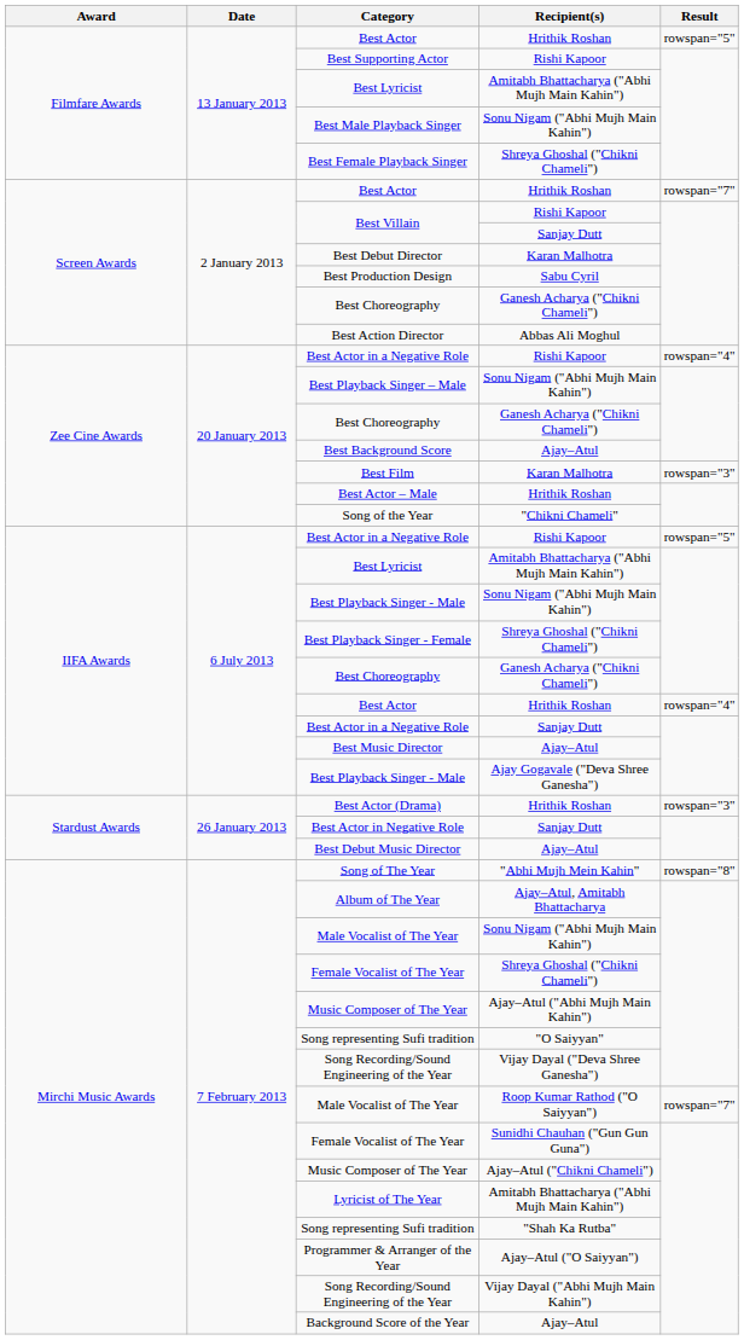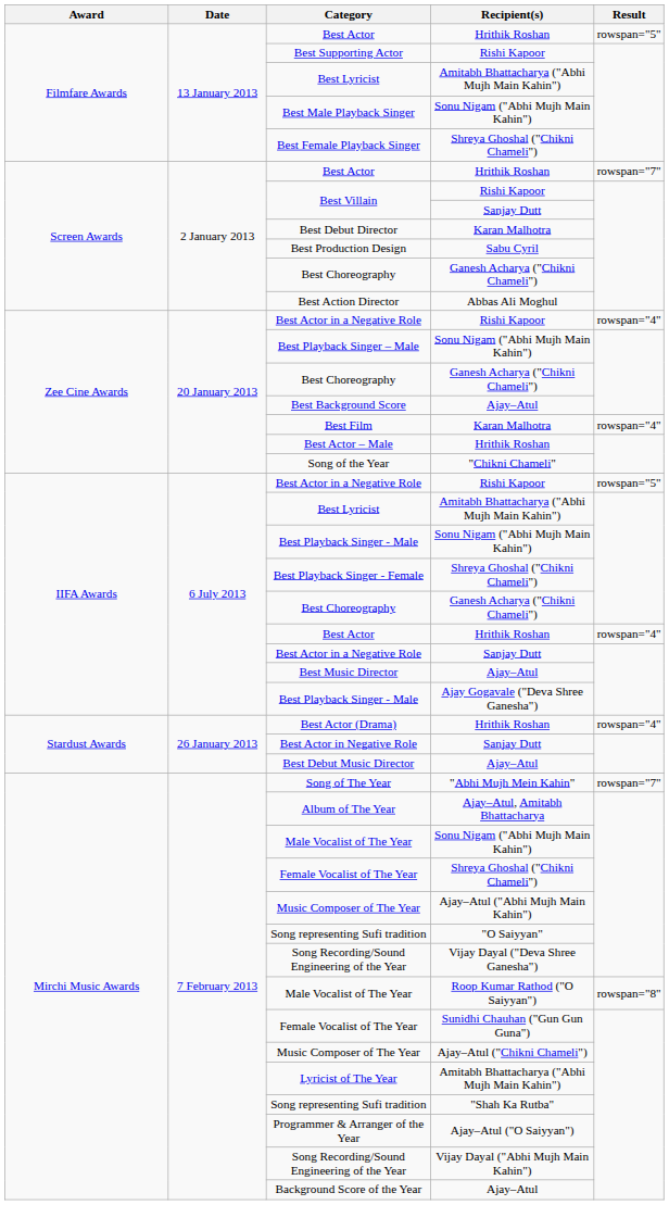 <table class="wikitable" style="text-align:center;" >
 <tr>
 <th width="25%" scope="col">Award</th>
 <th width="15%" scope="col">Date</th>
 <th width="25%" scope="col">Category</th>
 <th width="25%" scope="col">Recipient(s)</th>
 <th width="10%" scope="col">Result</th>
 </tr>
 <tr>
 <td rowspan="5"><a href='#'>Filmfare Awards</a></td>
 <td rowspan="5"><a href='#'>13 January 2013</a></td>
 <td><a href='#'>Best Actor</a></td>
 <td><a href='#'>Hrithik Roshan</a></td>
 <td>rowspan="5" </td>
 </tr>
 <tr>
 <td><a href='#'>Best Supporting Actor</a></td>
 <td><a href='#'>Rishi Kapoor</a></td>
 </tr>
 <tr>
 <td><a href='#'>Best Lyricist</a></td>
 <td><a href='#'>Amitabh Bhattacharya</a> ("Abhi Mujh Main Kahin")</td>
 </tr>
 <tr>
 <td><a href='#'>Best Male Playback Singer</a></td>
 <td><a href='#'>Sonu Nigam</a> ("Abhi Mujh Main Kahin")</td>
 </tr>
 <tr>
 <td><a href='#'>Best Female Playback Singer</a></td>
 <td><a href='#'>Shreya Ghoshal</a> ("<a href='#'>Chikni Chameli</a>")</td>
 </tr>
 <tr>
 <td rowspan="7"><a href='#'>Screen Awards</a></td>
 <td rowspan="7" style="text-align:center;">2 January 2013</td>
 <td><a href='#'>Best Actor</a></td>
 <td><a href='#'>Hrithik Roshan</a></td>
 <td>rowspan="7" </td>
 </tr>
 <tr>
 <td rowspan="2"><a href='#'>Best Villain</a></td>
 <td><a href='#'>Rishi Kapoor</a></td>
 </tr>
 <tr>
 <td><a href='#'>Sanjay Dutt</a></td>
 </tr>
 <tr>
 <td>Best Debut Director</td>
 <td><a href='#'>Karan Malhotra</a></td>
 </tr>
 <tr>
 <td>Best Production Design</td>
 <td><a href='#'>Sabu Cyril</a></td>
 </tr>
 <tr>
 <td>Best Choreography</td>
 <td><a href='#'>Ganesh Acharya</a> ("<a href='#'>Chikni Chameli</a>")</td>
 </tr>
 <tr>
 <td>Best Action Director</td>
 <td>Abbas Ali Moghul</td>
 </tr>
 <tr>
 <td rowspan="7"><a href='#'>Zee Cine Awards</a></td>
 <td rowspan="7"><a href='#'>20 January 2013</a></td>
 <td><a href='#'>Best Actor in a Negative Role</a></td>
 <td><a href='#'>Rishi Kapoor</a></td>
 <td>rowspan="4" </td>
 </tr>
 <tr>
 <td><a href='#'>Best Playback Singer – Male</a></td>
 <td><a href='#'>Sonu Nigam</a> ("Abhi Mujh Main Kahin")</td>
 </tr>
 <tr>
 <td>Best Choreography</td>
 <td><a href='#'>Ganesh Acharya</a> ("<a href='#'>Chikni Chameli</a>")</td>
 </tr>
 <tr>
 <td><a href='#'>Best Background Score</a></td>
 <td><a href='#'>Ajay–Atul</a></td>
 </tr>
 <tr>
 <td><a href='#'>Best Film</a></td>
 <td><a href='#'>Karan Malhotra</a></td>
-<td>rowspan="3" </td>
+<td>rowspan="4" </td>
 </tr>
 <tr>
 <td><a href='#'>Best Actor – Male</a></td>
 <td><a href='#'>Hrithik Roshan</a></td>
 </tr>
 <tr>
 <td>Song of the Year</td>
 <td>"<a href='#'>Chikni Chameli</a>"<br></td>
 </tr>
 <tr>
 <td rowspan="9"><a href='#'>IIFA Awards</a></td>
 <td rowspan="9"><a href='#'>6 July 2013</a></td>
 <td><a href='#'>Best Actor in a Negative Role</a></td>
 <td><a href='#'>Rishi Kapoor</a></td>
 <td>rowspan="5" </td>
 </tr>
 <tr>
 <td><a href='#'>Best Lyricist</a></td>
 <td><a href='#'>Amitabh Bhattacharya</a> ("Abhi Mujh Main Kahin")</td>
 </tr>
 <tr>
 <td><a href='#'>Best Playback Singer - Male</a></td>
 <td><a href='#'>Sonu Nigam</a> ("Abhi Mujh Main Kahin")</td>
 </tr>
 <tr>
 <td><a href='#'>Best Playback Singer - Female</a></td>
 <td><a href='#'>Shreya Ghoshal</a> ("<a href='#'>Chikni Chameli</a>")</td>
 </tr>
 <tr>
 <td><a href='#'>Best Choreography</a></td>
 <td><a href='#'>Ganesh Acharya</a> ("<a href='#'>Chikni Chameli</a>")<br></td>
 </tr>
 <tr>
 <td><a href='#'>Best Actor</a></td>
 <td><a href='#'>Hrithik Roshan</a></td>
 <td>rowspan="4" </td>
 </tr>
 <tr>
 <td><a href='#'>Best Actor in a Negative Role</a></td>
 <td><a href='#'>Sanjay Dutt</a><br></td>
 </tr>
 <tr>
 <td><a href='#'>Best Music Director</a></td>
 <td><a href='#'>Ajay–Atul</a></td>
 </tr>
 <tr>
 <td><a href='#'>Best Playback Singer - Male</a></td>
 <td><a href='#'>Ajay Gogavale</a> ("Deva Shree Ganesha")</td>
 </tr>
 <tr>
 <td rowspan="3"><a href='#'>Stardust Awards</a></td>
 <td rowspan="3"><a href='#'>26 January 2013</a></td>
 <td><a href='#'>Best Actor (Drama)</a></td>
 <td><a href='#'>Hrithik Roshan</a></td>
-<td>rowspan="3" </td>
+<td>rowspan="4" </td>
 </tr>
 <tr>
 <td><a href='#'>Best Actor in Negative Role</a></td>
 <td><a href='#'>Sanjay Dutt</a></td>
 </tr>
 <tr>
 <td><a href='#'>Best Debut Music Director</a></td>
 <td><a href='#'>Ajay–Atul</a></td>
 </tr>
 <tr>
 <td rowspan="15"><a href='#'>Mirchi Music Awards</a></td>
 <td rowspan="15"><a href='#'>7 February 2013</a></td>
 <td><a href='#'>Song of The Year</a></td>
 <td>"<a href='#'>Abhi Mujh Mein Kahin</a>"</td>
-<td>rowspan="8" </td>
+<td>rowspan="7" </td>
 </tr>
 <tr>
 <td><a href='#'>Album of The Year</a></td>
 <td><a href='#'>Ajay–Atul</a>, <a href='#'>Amitabh Bhattacharya</a></td>
 </tr>
 <tr>
 <td><a href='#'>Male Vocalist of The Year</a></td>
 <td><a href='#'>Sonu Nigam</a> ("Abhi Mujh Main Kahin")</td>
 </tr>
 <tr>
 <td><a href='#'>Female Vocalist of The Year</a></td>
 <td><a href='#'>Shreya Ghoshal</a> ("<a href='#'>Chikni Chameli</a>")</td>
 </tr>
 <tr>
 <td><a href='#'>Music Composer of The Year</a></td>
 <td>Ajay–Atul ("Abhi Mujh Main Kahin")</td>
 </tr>
 <tr>
 <td>Song representing Sufi tradition</td>
 <td>"O Saiyyan"</td>
 </tr>
 <tr>
 <td>Song Recording/Sound Engineering of the Year</td>
 <td>Vijay Dayal ("Deva Shree Ganesha")</td>
 </tr>
 <tr>
 <td>Male Vocalist of The Year</td>
 <td><a href='#'>Roop Kumar Rathod</a> ("O Saiyyan")</td>
-<td>rowspan="7" </td>
+<td>rowspan="8" </td>
 </tr>
 <tr>
 <td>Female Vocalist of The Year</td>
 <td><a href='#'>Sunidhi Chauhan</a> ("Gun Gun Guna")</td>
 </tr>
 <tr>
 <td>Music Composer of The Year</td>
 <td>Ajay–Atul ("<a href='#'>Chikni Chameli</a>")</td>
 </tr>
 <tr>
 <td><a href='#'>Lyricist of The Year</a></td>
 <td>Amitabh Bhattacharya ("Abhi Mujh Main Kahin")</td>
 </tr>
 <tr>
 <td>Song representing Sufi tradition</td>
 <td>"Shah Ka Rutba"</td>
 </tr>
 <tr>
 <td>Programmer & Arranger of the Year</td>
 <td>Ajay–Atul ("O Saiyyan")</td>
 </tr>
 <tr>
 <td>Song Recording/Sound Engineering of the Year</td>
 <td>Vijay Dayal ("Abhi Mujh Main Kahin")</td>
 </tr>
 <tr>
 <td>Background Score of the Year</td>
 <td>Ajay–Atul</td>
 </tr>
 </table>
